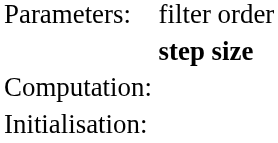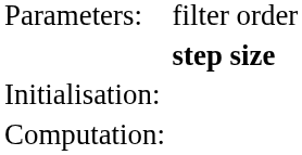 <table>
 <tr>
 <td>Parameters:</td>
 <td> filter order</td>
 </tr>
 <tr>
 <td></td>
 <td><strong> step size</strong></td>
 </tr>
 <tr>
-<td>Computation:</td>
+<td>Initialisation:</td>
 <td></td>
 </tr>
 <tr>
-<td>Initialisation:</td>
+<td>Computation:</td>
 <td></td>
 </tr>
 <tr>
 <td></td>
 <td><br></td>
 </tr>
 <tr>
 <td></td>
 <td></td>
 </tr>
 <tr>
 <td></td>
 <td></td>
 </tr>
 </table>
